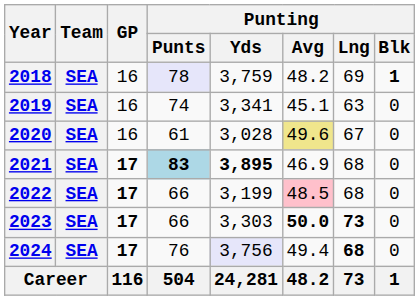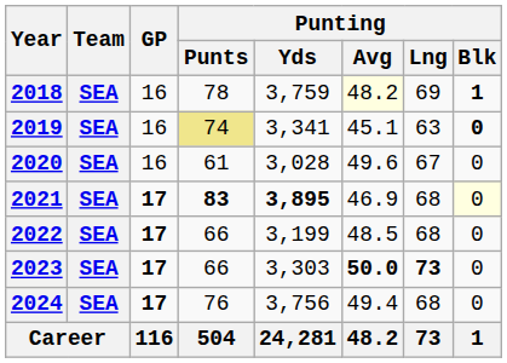 <table class="wikitable" style="text-align:center;">
 <tr>
 <th rowspan="2">Year</th>
 <th rowspan="2">Team</th>
 <th rowspan="2">GP</th>
 <th colspan="5">Punting</th>
 </tr>
 <tr>
 <th>Punts</th>
 <th>Yds</th>
 <th>Avg</th>
 <th>Lng</th>
 <th>Blk</th>
 </tr>
 <tr>
 <th><a href='#'>2018</a></th>
 <th><a href='#'>SEA</a></th>
 <td>16</td>
-<td style="background: lavender;">78</td>
+<td>78</td>
 <td>3,759</td>
-<td>48.2</td>
+<td style="background: lightyellow;">48.2</td>
 <td>69</td>
 <td><strong>1</strong></td>
 </tr>
 <tr>
 <th><a href='#'>2019</a></th>
 <th><a href='#'>SEA</a></th>
 <td>16</td>
-<td>74</td>
+<td style="background: khaki;">74</td>
 <td>3,341</td>
 <td>45.1</td>
 <td>63</td>
-<td>0</td>
+<td><strong>0</strong></td>
 </tr>
 <tr>
 <th><a href='#'>2020</a></th>
 <th><a href='#'>SEA</a></th>
 <td>16</td>
 <td>61</td>
 <td>3,028</td>
-<td style="background: khaki;">49.6</td>
+<td>49.6</td>
 <td>67</td>
 <td>0</td>
 </tr>
 <tr>
 <th><a href='#'>2021</a></th>
 <th><a href='#'>SEA</a></th>
 <td><strong>17</strong></td>
-<td style="background: lightblue;"><strong>83</strong></td>
+<td><strong>83</strong></td>
 <td><strong>3,895</strong></td>
 <td>46.9</td>
 <td>68</td>
-<td>0</td>
+<td style="background: lightyellow;">0</td>
 </tr>
 <tr>
 <th><a href='#'>2022</a></th>
 <th><a href='#'>SEA</a></th>
 <td><strong>17</strong></td>
 <td>66</td>
 <td>3,199</td>
-<td style="background: pink;">48.5</td>
+<td>48.5</td>
 <td>68</td>
 <td>0</td>
 </tr>
 <tr>
 <th><a href='#'>2023</a></th>
 <th><a href='#'>SEA</a></th>
 <td><strong>17</strong></td>
 <td>66</td>
 <td>3,303</td>
 <td><strong>50.0</strong></td>
 <td><strong>73</strong></td>
 <td>0</td>
 </tr>
 <tr>
 <th><a href='#'>2024</a></th>
 <th><a href='#'>SEA</a></th>
 <td><strong>17</strong></td>
 <td>76</td>
-<td style="background: lavender;">3,756</td>
+<td>3,756</td>
 <td>49.4</td>
-<td><strong>68</strong></td>
+<td>68</td>
 <td>0</td>
 </tr>
 <tr>
 <th colspan="2">Career</th>
 <th>116</th>
 <th>504</th>
 <th>24,281</th>
 <th>48.2</th>
 <th>73</th>
 <th>1</th>
 </tr>
 </table>
